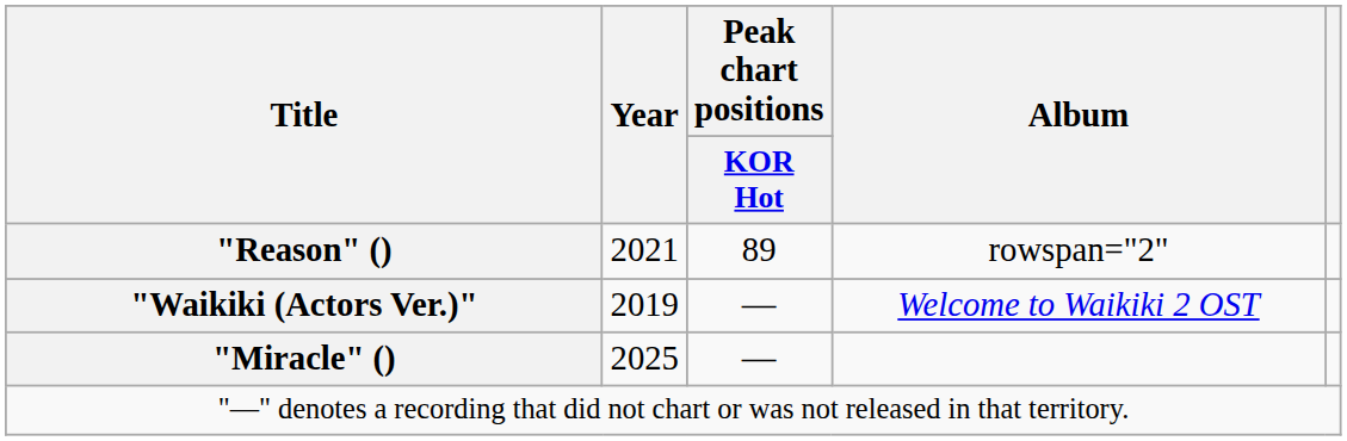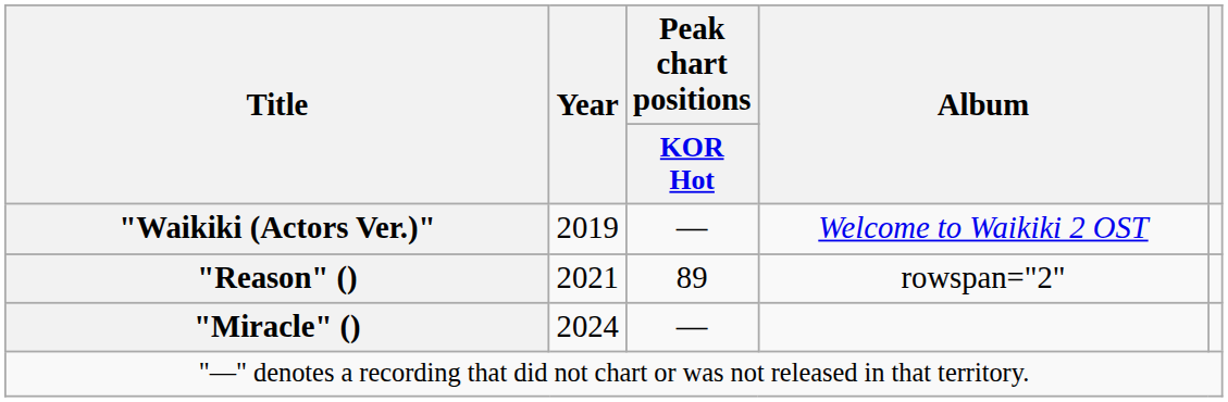 <table class="wikitable plainrowheaders" style="text-align:center">
 <tr>
 <th scope="col" rowspan="2" style="width:17em">Title</th>
 <th scope="col" rowspan="2" style="width:2em">Year</th>
 <th scope="col" colspan="1">Peak chart<br>positions</th>
 <th scope="col" rowspan="2" style="width:14em">Album</th>
 <th rowspan="2" scope="col" class="unsortable"></th>
 </tr>
 <tr>
 <th scope="col" style="font-size:90%; width:2.5em"><a href='#'>KOR <br>Hot</a><br></th>
 </tr>
 <tr>
+<th scope="row">"Waikiki (Actors Ver.)"<br></th>
+<td>2019</td>
+<td>—</td>
+<td><em><a href='#'>Welcome to Waikiki 2 OST</a></em></td>
+<td></td>
+</tr>
+<tr>
 <th scope="row">"Reason" ()<br></th>
 <td>2021</td>
 <td>89</td>
 <td>rowspan="2" </td>
 <td></td>
 </tr>
 <tr>
-<th scope="row">"Waikiki (Actors Ver.)"<br></th>
-<td>2019</td>
-<td>—</td>
-<td><em><a href='#'>Welcome to Waikiki 2 OST</a></em></td>
-<td></td>
-</tr>
-<tr>
 <th scope="row">"Miracle" ()<br></th>
-<td>2025</td>
+<td>2024</td>
 <td>—</td>
 <td><br></td>
 </tr>
 <tr>
 <td colspan="5" style="font-size:85%">"—" denotes a recording that did not chart or was not released in that territory.</td>
 </tr>
 </table>
